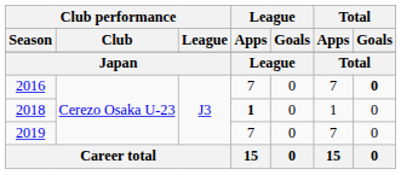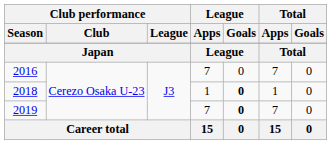 <table class="wikitable" style="text-align:center">
 <tr>
 <th colspan=3>Club performance</th>
 <th colspan=2>League</th>
 <th colspan=2>Total</th>
 </tr>
 <tr>
 <th>Season</th>
 <th>Club</th>
 <th>League</th>
 <th>Apps</th>
 <th>Goals</th>
 <th>Apps</th>
 <th>Goals</th>
 </tr>
 <tr>
 </tr>
 <tr>
 <th colspan=3>Japan</th>
 <th colspan=2>League</th>
 <th colspan=2>Total</th>
 </tr>
 <tr>
 <td><a href='#'>2016</a></td>
 <td rowspan=3><a href='#'>Cerezo Osaka U-23</a></td>
 <td rowspan=3><a href='#'>J3</a></td>
 <td>7</td>
 <td>0</td>
 <td>7</td>
-<td><strong>0</strong></td>
+<td>0</td>
 </tr>
 <tr>
 <td><a href='#'>2018</a></td>
-<td><strong>1</strong></td>
-<td>0</td>
+<td>1</td>
+<td><strong>0</strong></td>
 <td>1</td>
 <td>0</td>
 </tr>
 <tr>
 <td><a href='#'>2019</a></td>
 <td>7</td>
-<td>0</td>
+<td><strong>0</strong></td>
 <td>7</td>
 <td>0</td>
 </tr>
 <tr>
 <th colspan=3>Career total</th>
 <th>15</th>
 <th>0</th>
 <th>15</th>
 <th>0</th>
 </tr>
 </table>
